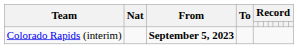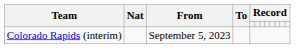 <table class="wikitable" style="text-align: center">
 <tr>
 <th rowspan="2">Team</th>
 <th rowspan="2">Nat</th>
 <th rowspan="2">From</th>
 <th rowspan="2">To</th>
 <th colspan="8">Record</th>
 </tr>
 <tr>
 <th></th>
 <th></th>
 <th></th>
 <th></th>
 <th></th>
 <th></th>
 <th></th>
 <th></th>
 </tr>
 <tr>
 <td align=left><a href='#'>Colorado Rapids</a> (interim)</td>
 <td></td>
-<td align=left><strong>September 5, 2023</strong></td>
+<td align=left>September 5, 2023</td>
 <td align=left><br></td>
 </tr>
 </table>
